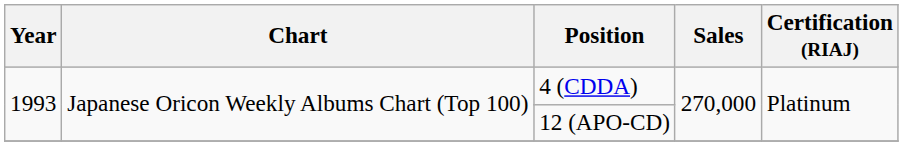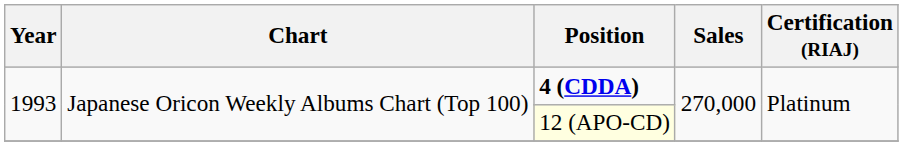 <table class="wikitable">
 <tr>
 <th>Year</th>
 <th>Chart</th>
 <th>Position</th>
 <th>Sales</th>
 <th>Certification<br><small>(RIAJ)</small></th>
 </tr>
 <tr>
 <td rowspan=2>1993</td>
 <td rowspan=2>Japanese Oricon Weekly Albums Chart (Top 100)</td>
-<td>4 (<a href='#'>CDDA</a>)</td>
+<td><strong>4 (<a href='#'>CDDA</a>)</strong></td>
 <td rowspan=2>270,000</td>
 <td rowspan=2>Platinum</td>
 </tr>
 <tr>
-<td>12 (APO-CD)</td>
+<td style="background: lightyellow;">12 (APO-CD)</td>
 </tr>
 <tr>
 </tr>
 </table>
